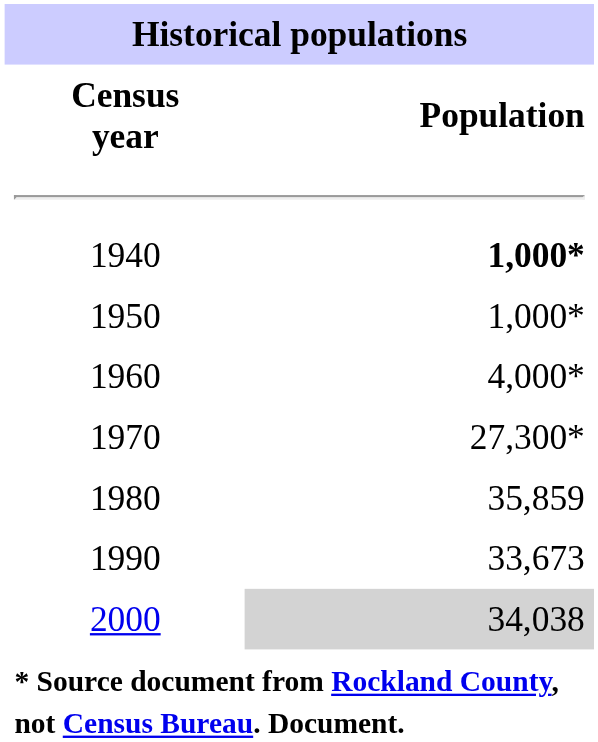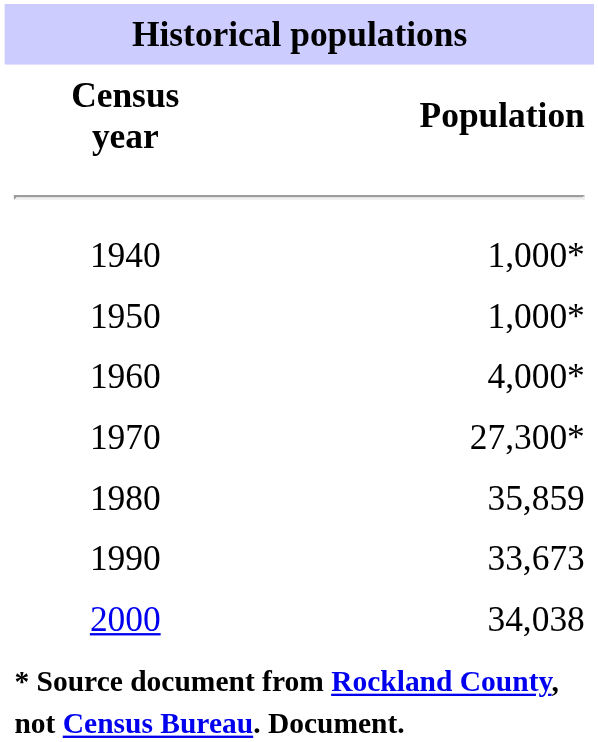 <table class="toccolours" align="right" cellpadding="4" cellspacing="0" width="20%" style="margin:0 0 1em 1em; font-size: 95%;">
 <tr>
 <th colspan=2 bgcolor="#ccccff" align="center">Historical populations </th>
 </tr>
 <tr>
 <th align="center">Census<br>year</th>
 <th align="right">Population</th>
 </tr>
 <tr>
 <td colspan=2><hr></td>
 </tr>
 <tr>
 <td align="center">1940</td>
-<td align="right"><strong>1,000*</strong></td>
+<td align="right">1,000*</td>
 </tr>
 <tr>
 <td align="center">1950</td>
 <td align="right">1,000*</td>
 </tr>
 <tr>
 <td align="center">1960</td>
 <td align="right">4,000*</td>
 </tr>
 <tr>
 <td align="center">1970</td>
 <td align="right">27,300*</td>
 </tr>
 <tr>
 <td align="center">1980</td>
 <td align="right">35,859</td>
 </tr>
 <tr>
 <td align="center">1990</td>
 <td align="right">33,673</td>
 </tr>
 <tr>
 <td align="center"><a href='#'>2000</a></td>
-<td align="right" style="background: lightgrey;">34,038</td>
+<td align="right">34,038</td>
 </tr>
 <tr>
 <th colspan=2 align="left"><small>* Source document from <a href='#'>Rockland County</a>, not <a href='#'>Census Bureau</a>. Document.</small></th>
 </tr>
 </table>
